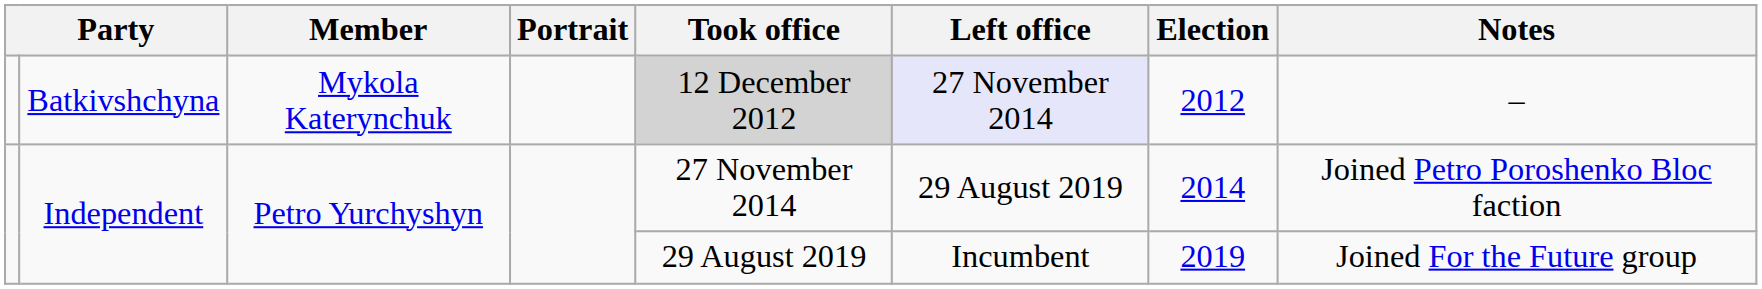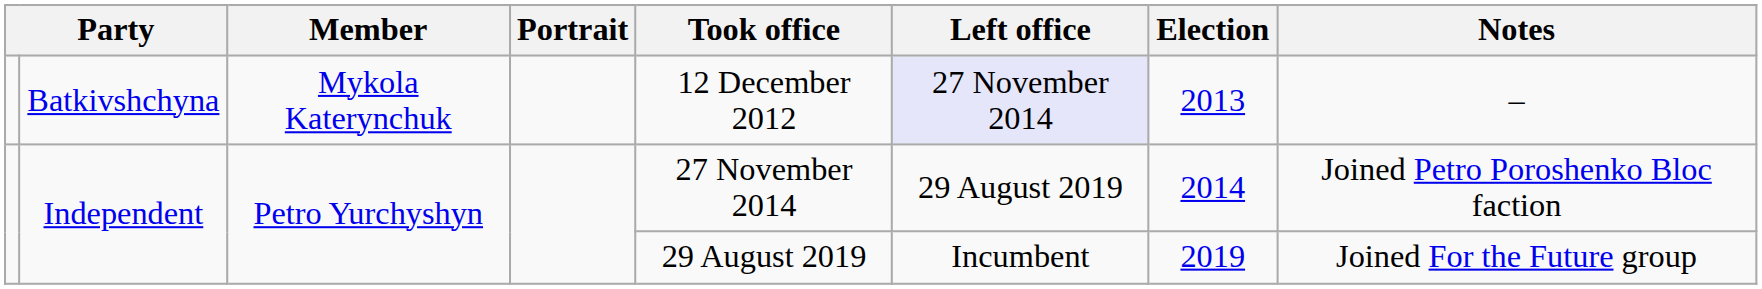 <table class="wikitable" style="text-align:center;">
 <tr>
 <th colspan="2">Party</th>
 <th>Member</th>
 <th>Portrait</th>
 <th>Took office</th>
 <th><strong>Left office</strong></th>
 <th>Election</th>
 <th>Notes</th>
 </tr>
 <tr>
 <td style="background-color: "></td>
 <td><a href='#'>Batkivshchyna</a></td>
 <td><a href='#'>Mykola Katerynchuk</a></td>
 <td></td>
-<td style="background: lightgrey;">12 December 2012</td>
+<td>12 December 2012</td>
 <td style="background: lavender;">27 November 2014</td>
-<td><a href='#'>2012</a></td>
+<td><a href='#'>2013</a></td>
 <td>–</td>
 </tr>
 <tr>
 <td rowspan="2" style="background-color: "></td>
 <td rowspan="2"><a href='#'>Independent</a></td>
 <td rowspan="2"><a href='#'>Petro Yurchyshyn</a></td>
 <td rowspan="2"></td>
 <td>27 November 2014</td>
 <td>29 August 2019</td>
 <td><a href='#'>2014</a></td>
 <td>Joined <a href='#'>Petro Poroshenko Bloc</a> faction</td>
 </tr>
 <tr>
 <td>29 August 2019</td>
 <td>Incumbent</td>
 <td><a href='#'>2019</a></td>
 <td>Joined <a href='#'>For the Future</a> group</td>
 </tr>
 </table>
